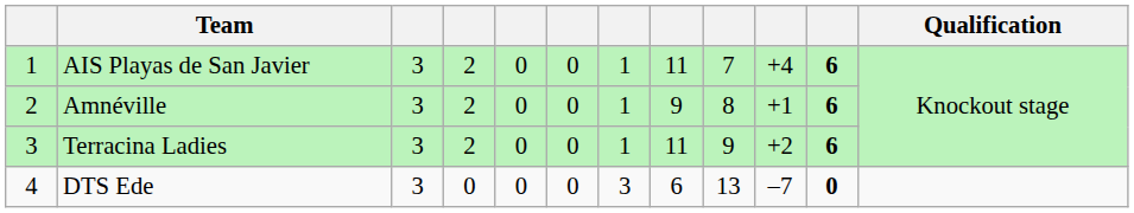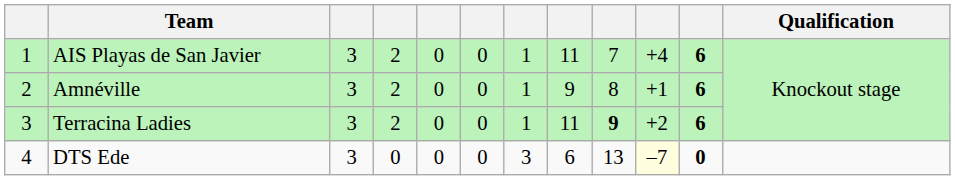 <table class="wikitable" style="font-size: 95%">
 <tr>
 <th width="25"></th>
 <th width="200">Team</th>
 <th width="25"></th>
 <th width="25"></th>
 <th width="25"></th>
 <th width="25"></th>
 <th width="25"></th>
 <th width="25"></th>
 <th width="25"></th>
 <th width="25"></th>
 <th width="25"></th>
 <th width="160">Qualification</th>
 </tr>
 <tr align=center bgcolor=#bbf3bb>
 <td>1</td>
 <td align=left> AIS Playas de San Javier</td>
 <td>3</td>
 <td>2</td>
 <td>0</td>
 <td>0</td>
 <td>1</td>
 <td>11</td>
 <td>7</td>
 <td>+4</td>
 <td><strong>6</strong></td>
 <td rowspan=3>Knockout stage</td>
 </tr>
 <tr align=center bgcolor=#bbf3bb>
 <td>2</td>
 <td align=left> Amnéville</td>
 <td>3</td>
 <td>2</td>
 <td>0</td>
 <td>0</td>
 <td>1</td>
 <td>9</td>
 <td>8</td>
 <td>+1</td>
 <td><strong>6</strong></td>
 </tr>
 <tr align=center bgcolor=#bbf3bb>
 <td>3</td>
 <td align=left> Terracina Ladies</td>
 <td>3</td>
 <td>2</td>
 <td>0</td>
 <td>0</td>
 <td>1</td>
 <td>11</td>
-<td>9</td>
+<td><strong>9</strong></td>
 <td>+2</td>
 <td><strong>6</strong></td>
 </tr>
 <tr align=center>
 <td>4</td>
 <td align=left> DTS Ede</td>
 <td>3</td>
 <td>0</td>
 <td>0</td>
 <td>0</td>
 <td>3</td>
 <td>6</td>
 <td>13</td>
-<td>–7</td>
+<td style="background: lightyellow;">–7</td>
 <td><strong>0</strong></td>
 <td></td>
 </tr>
 </table>
